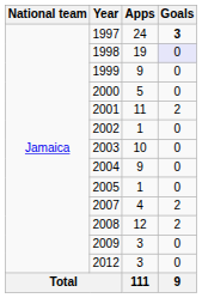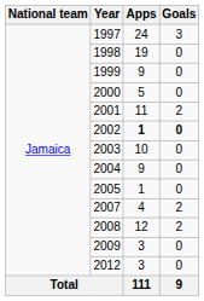 <table class="wikitable" style="text-align:center">
 <tr>
 <th>National team</th>
 <th>Year</th>
 <th>Apps</th>
 <th>Goals</th>
 </tr>
 <tr>
 <td rowspan="13"><a href='#'>Jamaica</a></td>
 <td>1997</td>
 <td>24</td>
-<td><strong>3</strong></td>
+<td>3</td>
 </tr>
 <tr>
 <td>1998</td>
 <td>19</td>
-<td style="background: lavender;">0</td>
+<td>0</td>
 </tr>
 <tr>
 <td>1999</td>
 <td>9</td>
 <td>0</td>
 </tr>
 <tr>
 <td>2000</td>
 <td>5</td>
 <td>0</td>
 </tr>
 <tr>
 <td>2001</td>
 <td>11</td>
 <td>2</td>
 </tr>
 <tr>
 <td>2002</td>
-<td>1</td>
-<td>0</td>
+<td><strong>1</strong></td>
+<td><strong>0</strong></td>
 </tr>
 <tr>
 <td>2003</td>
 <td>10</td>
 <td>0</td>
 </tr>
 <tr>
 <td>2004</td>
 <td>9</td>
 <td>0</td>
 </tr>
 <tr>
 <td>2005</td>
 <td>1</td>
 <td>0</td>
 </tr>
 <tr>
 <td>2007</td>
 <td>4</td>
 <td>2</td>
 </tr>
 <tr>
 <td>2008</td>
 <td>12</td>
 <td>2</td>
 </tr>
 <tr>
 <td>2009</td>
 <td>3</td>
 <td>0</td>
 </tr>
 <tr>
 <td>2012</td>
 <td>3</td>
 <td>0</td>
 </tr>
 <tr>
 <th colspan="2">Total</th>
 <th>111</th>
 <th>9</th>
 </tr>
 </table>
